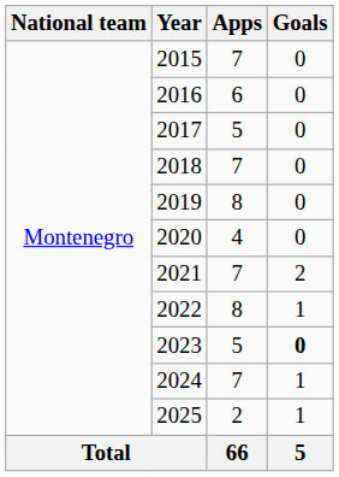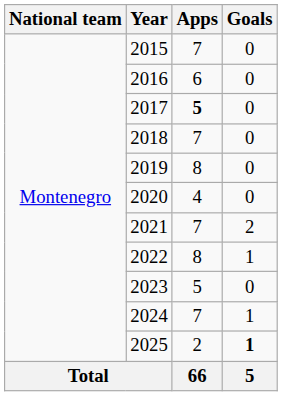 <table class="wikitable" style="text-align:center">
 <tr>
 <th>National team</th>
 <th>Year</th>
 <th>Apps</th>
 <th>Goals</th>
 </tr>
 <tr>
 <td rowspan="11"><a href='#'>Montenegro</a></td>
 <td>2015</td>
 <td>7</td>
 <td>0</td>
 </tr>
 <tr>
 <td>2016</td>
 <td>6</td>
 <td>0</td>
 </tr>
 <tr>
 <td>2017</td>
-<td>5</td>
+<td><strong>5</strong></td>
 <td>0</td>
 </tr>
 <tr>
 <td>2018</td>
 <td>7</td>
 <td>0</td>
 </tr>
 <tr>
 <td>2019</td>
 <td>8</td>
 <td>0</td>
 </tr>
 <tr>
 <td>2020</td>
 <td>4</td>
 <td>0</td>
 </tr>
 <tr>
 <td>2021</td>
 <td>7</td>
 <td>2</td>
 </tr>
 <tr>
 <td>2022</td>
 <td>8</td>
 <td>1</td>
 </tr>
 <tr>
 <td>2023</td>
 <td>5</td>
-<td><strong>0</strong></td>
+<td>0</td>
 </tr>
 <tr>
 <td>2024</td>
 <td>7</td>
 <td>1</td>
 </tr>
 <tr>
 <td>2025</td>
 <td>2</td>
-<td>1</td>
+<td><strong>1</strong></td>
 </tr>
 <tr>
 <th colspan="2">Total</th>
 <th>66</th>
 <th>5</th>
 </tr>
 </table>
